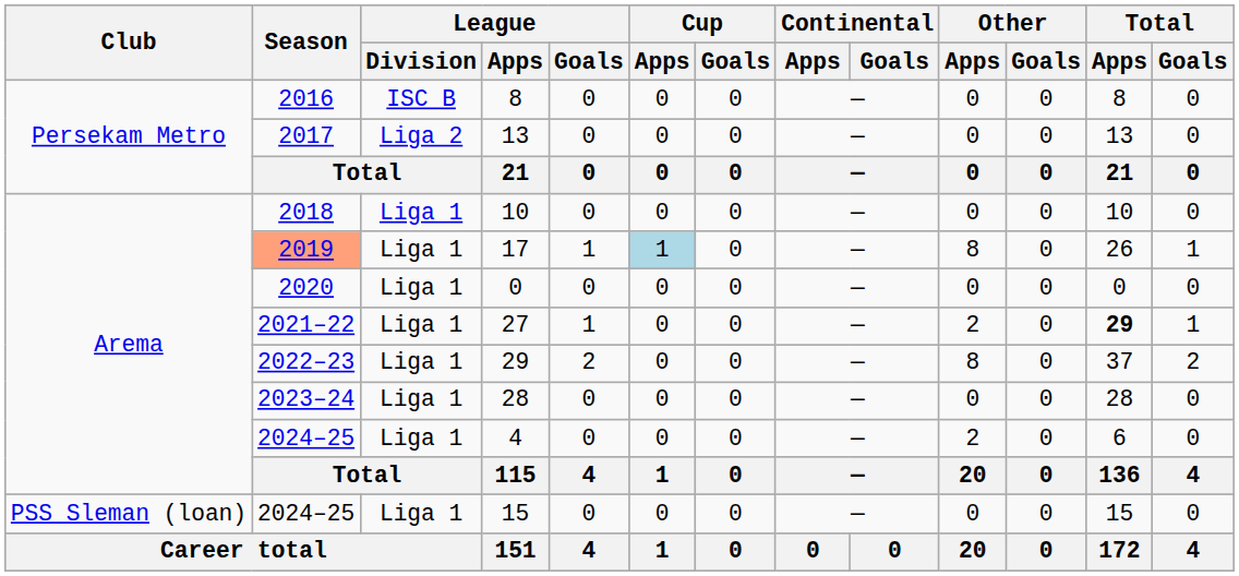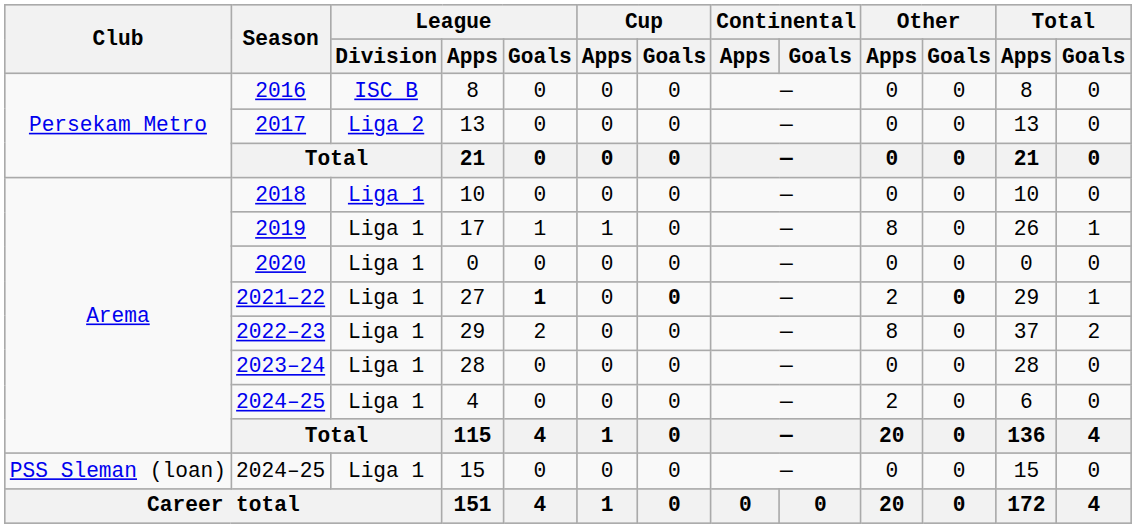 <table class="wikitable" style="text-align: center">
 <tr>
 <th rowspan="2">Club</th>
 <th rowspan="2">Season</th>
 <th colspan="3">League</th>
 <th colspan="2">Cup</th>
 <th colspan="2">Continental</th>
 <th colspan="2">Other</th>
 <th colspan="2">Total</th>
 </tr>
 <tr>
 <th>Division</th>
 <th>Apps</th>
 <th>Goals</th>
 <th>Apps</th>
 <th>Goals</th>
 <th>Apps</th>
 <th>Goals</th>
 <th>Apps</th>
 <th>Goals</th>
 <th>Apps</th>
 <th>Goals</th>
 </tr>
 <tr>
 <td rowspan="3"><a href='#'>Persekam Metro</a></td>
 <td><a href='#'>2016</a></td>
 <td><a href='#'>ISC B</a></td>
 <td>8</td>
 <td>0</td>
 <td>0</td>
 <td>0</td>
 <td colspan="2">—</td>
 <td>0</td>
 <td>0</td>
 <td>8</td>
 <td>0</td>
 </tr>
 <tr>
 <td><a href='#'>2017</a></td>
 <td><a href='#'>Liga 2</a></td>
 <td>13</td>
 <td>0</td>
 <td>0</td>
 <td>0</td>
 <td colspan="2">—</td>
 <td>0</td>
 <td>0</td>
 <td>13</td>
 <td>0</td>
 </tr>
 <tr>
 <th colspan="2">Total</th>
 <th>21</th>
 <th>0</th>
 <th>0</th>
 <th>0</th>
 <th colspan="2">—</th>
 <th>0</th>
 <th>0</th>
 <th>21</th>
 <th>0</th>
 </tr>
 <tr>
 <td rowspan="8"><a href='#'>Arema</a></td>
 <td><a href='#'>2018</a></td>
 <td><a href='#'>Liga 1</a></td>
 <td>10</td>
 <td>0</td>
 <td>0</td>
 <td>0</td>
 <td colspan="2">—</td>
 <td>0</td>
 <td>0</td>
 <td>10</td>
 <td>0</td>
 </tr>
 <tr>
-<td style="background: lightsalmon;"><a href='#'>2019</a></td>
+<td><a href='#'>2019</a></td>
 <td>Liga 1</td>
 <td>17</td>
 <td>1</td>
-<td style="background: lightblue;">1</td>
+<td>1</td>
 <td>0</td>
 <td colspan="2">—</td>
 <td>8</td>
 <td>0</td>
 <td>26</td>
 <td>1</td>
 </tr>
 <tr>
 <td><a href='#'>2020</a></td>
 <td>Liga 1</td>
 <td>0</td>
 <td>0</td>
 <td>0</td>
 <td>0</td>
 <td colspan="2">—</td>
 <td>0</td>
 <td>0</td>
 <td>0</td>
 <td>0</td>
 </tr>
 <tr>
 <td><a href='#'>2021–22</a></td>
 <td>Liga 1</td>
 <td>27</td>
-<td>1</td>
+<td><strong>1</strong></td>
 <td>0</td>
-<td>0</td>
+<td><strong>0</strong></td>
 <td colspan="2">—</td>
 <td>2</td>
-<td>0</td>
-<td><strong>29</strong></td>
+<td><strong>0</strong></td>
+<td>29</td>
 <td>1</td>
 </tr>
 <tr>
 <td><a href='#'>2022–23</a></td>
 <td>Liga 1</td>
 <td>29</td>
 <td>2</td>
 <td>0</td>
 <td>0</td>
 <td colspan="2">—</td>
 <td>8</td>
 <td>0</td>
 <td>37</td>
 <td>2</td>
 </tr>
 <tr>
 <td><a href='#'>2023–24</a></td>
 <td>Liga 1</td>
 <td>28</td>
 <td>0</td>
 <td>0</td>
 <td>0</td>
 <td colspan="2">—</td>
 <td>0</td>
 <td>0</td>
 <td>28</td>
 <td>0</td>
 </tr>
 <tr>
 <td><a href='#'>2024–25</a></td>
 <td>Liga 1</td>
 <td>4</td>
 <td>0</td>
 <td>0</td>
 <td>0</td>
 <td colspan="2">—</td>
 <td>2</td>
 <td>0</td>
 <td>6</td>
 <td>0</td>
 </tr>
 <tr>
 <th colspan="2">Total</th>
 <th>115</th>
 <th>4</th>
 <th>1</th>
 <th>0</th>
 <th colspan="2">—</th>
 <th>20</th>
 <th>0</th>
 <th>136</th>
 <th>4</th>
 </tr>
 <tr>
 <td><a href='#'>PSS Sleman</a> (loan)</td>
 <td>2024–25</td>
 <td>Liga 1</td>
 <td>15</td>
 <td>0</td>
 <td>0</td>
 <td>0</td>
 <td colspan="2">—</td>
 <td>0</td>
 <td>0</td>
 <td>15</td>
 <td>0</td>
 </tr>
 <tr>
 <th colspan=3>Career total</th>
 <th>151</th>
 <th>4</th>
 <th>1</th>
 <th>0</th>
 <th>0</th>
 <th>0</th>
 <th>20</th>
 <th>0</th>
 <th>172</th>
 <th>4</th>
 </tr>
 </table>
